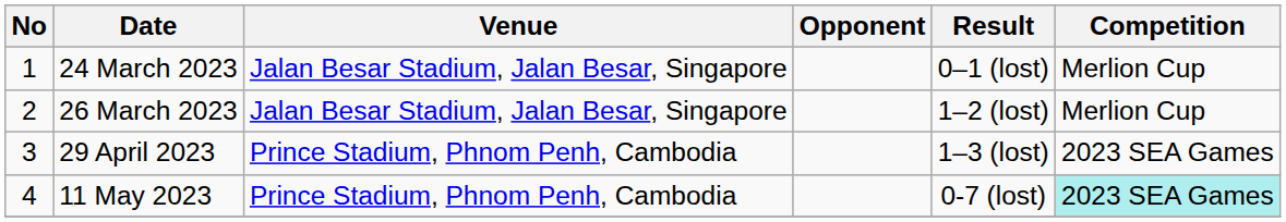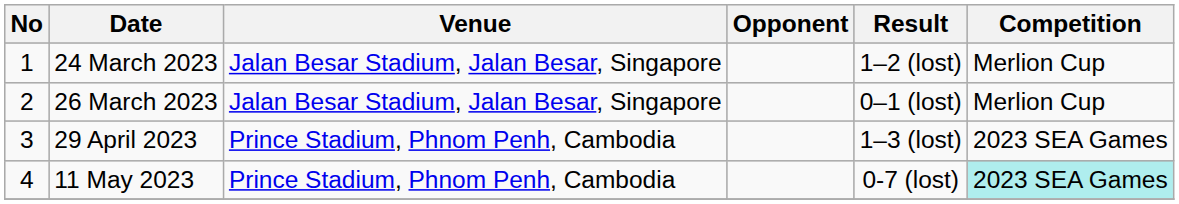 <table class="wikitable">
 <tr>
 <th>No</th>
 <th>Date</th>
 <th>Venue</th>
 <th>Opponent</th>
 <th>Result</th>
 <th>Competition</th>
 </tr>
 <tr>
 <td align=center>1</td>
 <td>24 March 2023</td>
 <td><a href='#'>Jalan Besar Stadium</a>, <a href='#'>Jalan Besar</a>, Singapore</td>
 <td></td>
-<td align=center>0–1 (lost)</td>
+<td align=center>1–2 (lost)</td>
 <td>Merlion Cup</td>
 </tr>
 <tr>
 <td align=center>2</td>
 <td>26 March 2023</td>
 <td><a href='#'>Jalan Besar Stadium</a>, <a href='#'>Jalan Besar</a>, Singapore</td>
 <td></td>
-<td align=center>1–2 (lost)</td>
+<td align=center>0–1 (lost)</td>
 <td>Merlion Cup</td>
 </tr>
 <tr>
 <td align=center>3</td>
 <td>29 April 2023</td>
 <td><a href='#'>Prince Stadium</a>, <a href='#'>Phnom Penh</a>, Cambodia</td>
 <td></td>
 <td align=center>1–3 (lost)</td>
 <td>2023 SEA Games</td>
 </tr>
 <tr>
 <td align=center>4</td>
 <td>11 May 2023</td>
 <td><a href='#'>Prince Stadium</a>, <a href='#'>Phnom Penh</a>, Cambodia</td>
 <td></td>
 <td align=center>0-7 (lost)</td>
 <td style="background: paleturquoise;">2023 SEA Games</td>
 </tr>
 <tr>
 </tr>
 </table>
